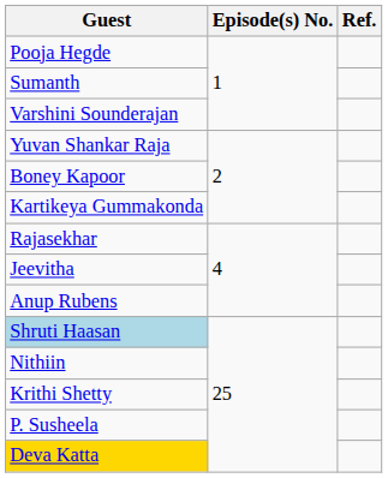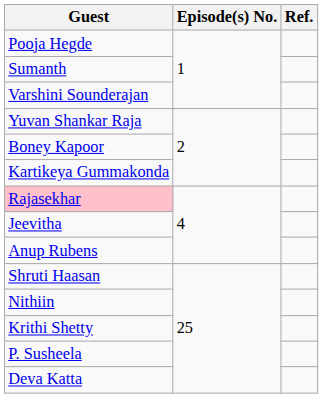 <table class="wikitable">
 <tr>
 <th>Guest</th>
 <th>Episode(s) No.</th>
 <th>Ref.</th>
 </tr>
 <tr>
 <td><a href='#'>Pooja Hegde</a></td>
 <td rowspan="3">1</td>
 <td></td>
 </tr>
 <tr>
 <td><a href='#'>Sumanth</a></td>
 <td></td>
 </tr>
 <tr>
 <td><a href='#'>Varshini Sounderajan</a></td>
 <td></td>
 </tr>
 <tr>
 <td><a href='#'>Yuvan Shankar Raja</a></td>
 <td rowspan="3">2</td>
 <td></td>
 </tr>
 <tr>
 <td><a href='#'>Boney Kapoor</a></td>
 <td></td>
 </tr>
 <tr>
 <td><a href='#'>Kartikeya Gummakonda</a></td>
 <td></td>
 </tr>
 <tr>
-<td><a href='#'>Rajasekhar</a></td>
+<td style="background: pink;"><a href='#'>Rajasekhar</a></td>
 <td rowspan="3">4</td>
 <td></td>
 </tr>
 <tr>
 <td><a href='#'>Jeevitha</a></td>
 <td></td>
 </tr>
 <tr>
 <td><a href='#'>Anup Rubens</a></td>
 <td></td>
 </tr>
 <tr>
-<td style="background: lightblue;"><a href='#'>Shruti Haasan</a></td>
+<td><a href='#'>Shruti Haasan</a></td>
 <td rowspan="5">25</td>
 <td></td>
 </tr>
 <tr>
 <td><a href='#'>Nithiin</a></td>
 <td></td>
 </tr>
 <tr>
 <td><a href='#'>Krithi Shetty</a></td>
 <td></td>
 </tr>
 <tr>
 <td><a href='#'>P. Susheela</a></td>
 <td></td>
 </tr>
 <tr>
-<td style="background: gold;"><a href='#'>Deva Katta</a></td>
+<td><a href='#'>Deva Katta</a></td>
 <td></td>
 </tr>
 </table>
